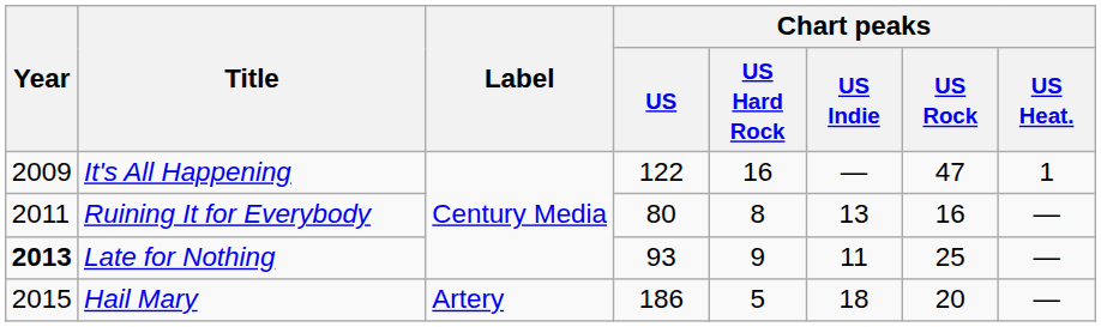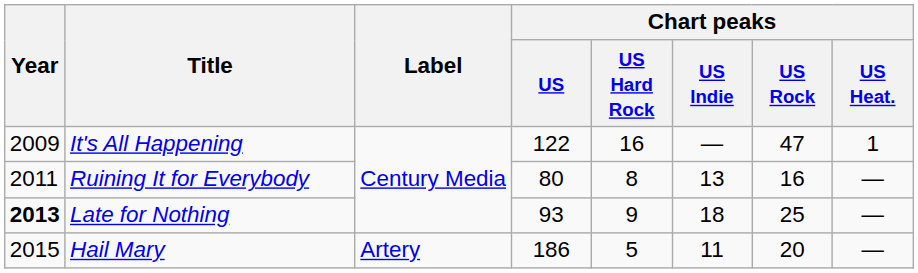 <table class="wikitable">
 <tr>
 <th rowspan="2">Year</th>
 <th style="width:200px;" rowspan="2">Title</th>
 <th rowspan="2">Label</th>
 <th colspan="5">Chart peaks</th>
 </tr>
 <tr>
 <th style="width:50px;"><small><a href='#'>US</a></small><br></th>
 <th style="width:50px;"><small><a href='#'>US Hard Rock</a></small><br></th>
 <th style="width:50px;"><small><a href='#'>US Indie</a></small><br></th>
 <th style="width:50px;}"><small><a href='#'>US Rock</a></small><br></th>
 <th style="width:50px;"><small><a href='#'>US Heat.</a></small><br></th>
 </tr>
 <tr>
 <td>2009</td>
 <td><em><a href='#'>It's All Happening</a></em></td>
 <td rowspan=3><a href='#'>Century Media</a></td>
 <td style="text-align:center;">122</td>
 <td style="text-align:center;">16</td>
 <td style="text-align:center;">—</td>
 <td style="text-align:center;">47</td>
 <td style="text-align:center;">1</td>
 </tr>
 <tr>
 <td>2011</td>
 <td><em><a href='#'>Ruining It for Everybody</a></em></td>
 <td style="text-align:center;">80</td>
 <td style="text-align:center;">8</td>
 <td style="text-align:center;">13</td>
 <td style="text-align:center;">16</td>
 <td style="text-align:center;">—</td>
 </tr>
 <tr>
 <td><strong>2013</strong></td>
 <td><em><a href='#'>Late for Nothing</a></em></td>
 <td style="text-align:center;">93</td>
 <td style="text-align:center;">9</td>
-<td style="text-align:center;">11</td>
+<td style="text-align:center;">18</td>
 <td style="text-align:center;">25</td>
 <td style="text-align:center;">—</td>
 </tr>
 <tr>
 <td>2015</td>
 <td><em><a href='#'>Hail Mary</a></em></td>
 <td><a href='#'>Artery</a></td>
 <td style="text-align:center;">186</td>
 <td style="text-align:center;">5</td>
-<td style="text-align:center;">18</td>
+<td style="text-align:center;">11</td>
 <td style="text-align:center;">20</td>
 <td style="text-align:center;">—</td>
 </tr>
 </table>
